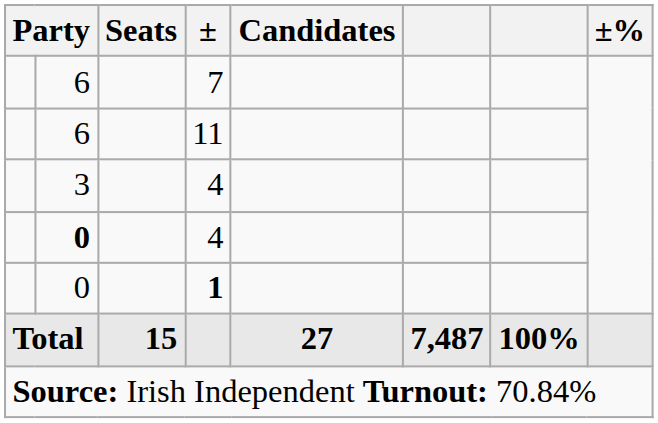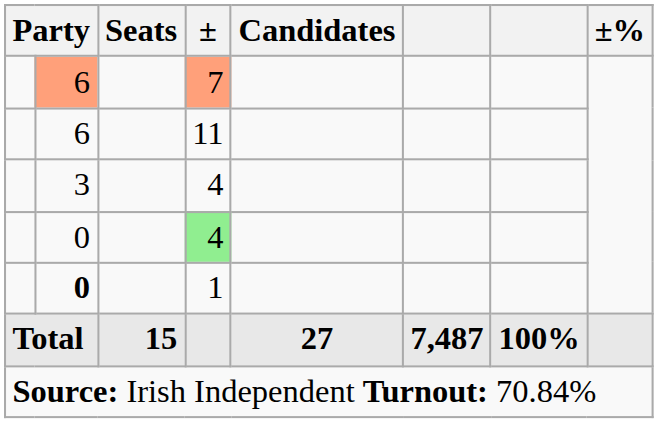 <table class=wikitable>
 <tr>
 <th colspan=2 align=center>Party</th>
 <th>Seats</th>
 <th>±</th>
 <th>Candidates</th>
 <th></th>
 <th></th>
 <th>±%</th>
 </tr>
 <tr>
 <td></td>
-<td align=right>6</td>
+<td align=right style="background: lightsalmon;">6</td>
 <td align=right></td>
-<td align=right>7</td>
+<td align=right style="background: lightsalmon;">7</td>
 <td align=right></td>
 <td align=right></td>
 <td align=right></td>
 </tr>
 <tr>
 <td></td>
 <td align=right>6</td>
 <td align=right></td>
 <td align=right>11</td>
 <td align=right></td>
 <td align=right></td>
 <td align=right></td>
 </tr>
 <tr>
 <td></td>
 <td align=right>3</td>
 <td align=right></td>
 <td align=right>4</td>
 <td align=right></td>
 <td align=right></td>
 <td align=right></td>
 </tr>
 <tr>
 <td></td>
-<td align=right><strong>0</strong></td>
+<td align=right>0</td>
 <td align=right></td>
-<td align=right>4</td>
+<td align=right style="background: lightgreen;">4</td>
 <td align=right></td>
 <td align=right></td>
 <td align=right></td>
 </tr>
 <tr>
 <td></td>
-<td align=right>0</td>
+<td align=right><strong>0</strong></td>
 <td align=right></td>
-<td align=right><strong>1</strong></td>
+<td align=right>1</td>
 <td align=right></td>
 <td align=right></td>
 <td align=right></td>
 </tr>
 <tr style="font-weight:bold; background:rgb(232,232,232);">
 <td colspan=2>Total</td>
 <td align=right>15</td>
 <td align=center></td>
 <td align=center>27</td>
 <td align=right>7,487</td>
 <td align=center>100%</td>
 <td></td>
 </tr>
 <tr>
 <td colspan=8 align=left><strong>Source:</strong> Irish Independent <strong>Turnout:</strong> 70.84%</td>
 </tr>
 </table>
